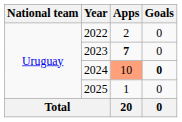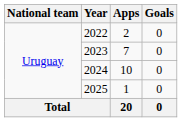 <table class="wikitable" style="text-align:center">
 <tr>
 <th>National team</th>
 <th>Year</th>
 <th>Apps</th>
 <th>Goals</th>
 </tr>
 <tr>
 <td rowspan="4"><a href='#'>Uruguay</a></td>
 <td>2022</td>
 <td>2</td>
 <td>0</td>
 </tr>
 <tr>
 <td>2023</td>
-<td><strong>7</strong></td>
+<td>7</td>
 <td>0</td>
 </tr>
 <tr>
 <td>2024</td>
-<td style="background: lightsalmon;">10</td>
-<td><strong>0</strong></td>
+<td>10</td>
+<td>0</td>
 </tr>
 <tr>
 <td>2025</td>
 <td>1</td>
 <td>0</td>
 </tr>
 <tr>
 <th colspan="2">Total</th>
 <th>20</th>
 <th>0</th>
 </tr>
 </table>
